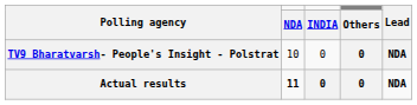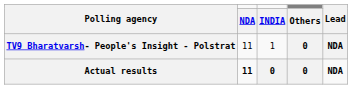 <table class="wikitable" style="text-align:center;font-size:95%;line-height:30px;">
 <tr>
 <th rowspan="2" class="wikitable">Polling agency</th>
 <td></td>
 <td></td>
 <td style="background:grey;"></td>
 <th rowspan="2">Lead</th>
 </tr>
 <tr>
 <th class="wikitable"><a href='#'>NDA</a></th>
 <th class="wikitable"><a href='#'>INDIA</a></th>
 <th class="wikitable">Others</th>
 </tr>
 <tr>
 <th><a href='#'>TV9 Bharatvarsh</a>- People's Insight - Polstrat</th>
-<td>10</td>
-<td>0</td>
+<td>11</td>
+<td>1</td>
 <th>0</th>
 <th>NDA</th>
 </tr>
 <tr>
 <th>Actual results</th>
 <td bgcolor=><strong>11</strong></td>
 <th>0</th>
 <th>0</th>
 <td bgcolor=><strong>NDA</strong></td>
 </tr>
 </table>
